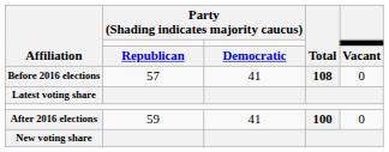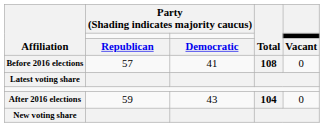 <table class=wikitable style="text-align:center">
 <tr style="vertical-align:bottom;">
 <th rowspan=3>Affiliation</th>
 <th colspan=2>Party <div>(Shading indicates majority caucus)</div></th>
 <th rowspan=3>Total</th>
 <th></th>
 </tr>
 <tr style="height:5px">
 <td style="background-color:"></td>
 <td style="background-color:"></td>
 <td style="background-color:black"></td>
 </tr>
 <tr>
 <th><a href='#'>Republican</a></th>
 <th><a href='#'>Democratic</a></th>
 <th>Vacant</th>
 </tr>
 <tr>
 <th nowrap style="font-size:80%">Before 2016 elections</th>
 <td>57</td>
 <td>41</td>
 <th>108</th>
 <td>0</td>
 </tr>
 <tr>
 <th nowrap style="font-size:80%">Latest voting share</th>
 <th></th>
 <th></th>
 <th colspan=2></th>
 </tr>
 <tr>
 <td colspan=5></td>
 </tr>
 <tr>
 <th nowrap style="font-size:80%">After 2016 elections</th>
 <td>59</td>
-<td>41</td>
-<th>100</th>
+<td>43</td>
+<th>104</th>
 <td>0</td>
 </tr>
 <tr>
 <th nowrap style="font-size:80%">New voting share</th>
 <th></th>
 <th></th>
 <th colspan=2></th>
 </tr>
 </table>
